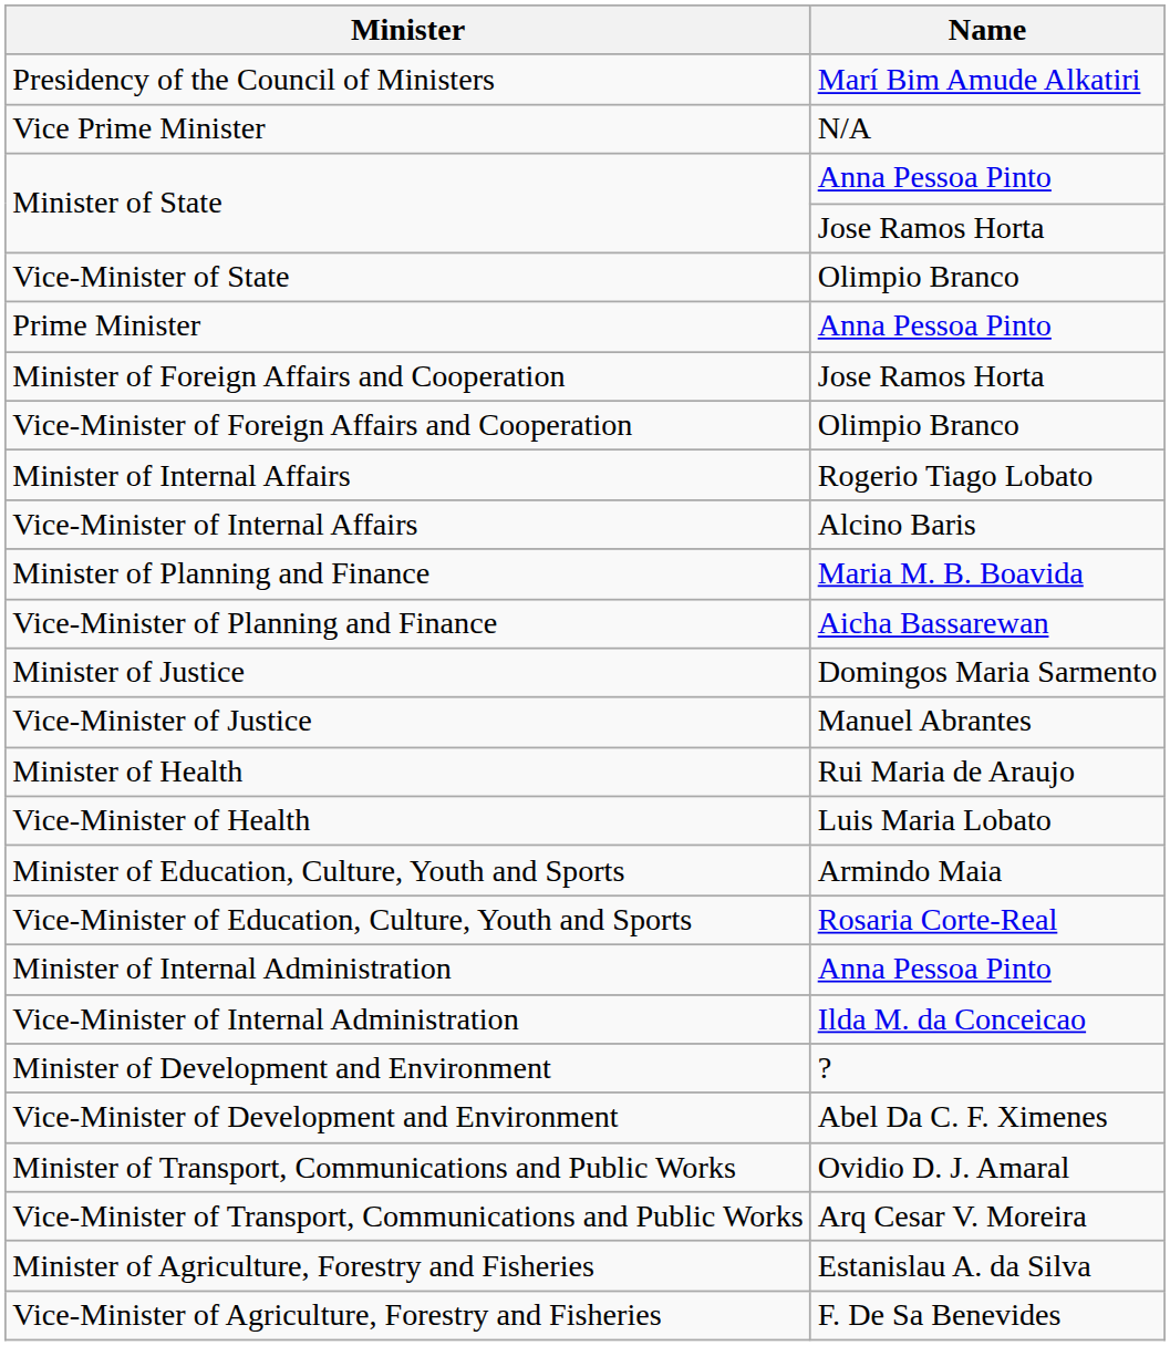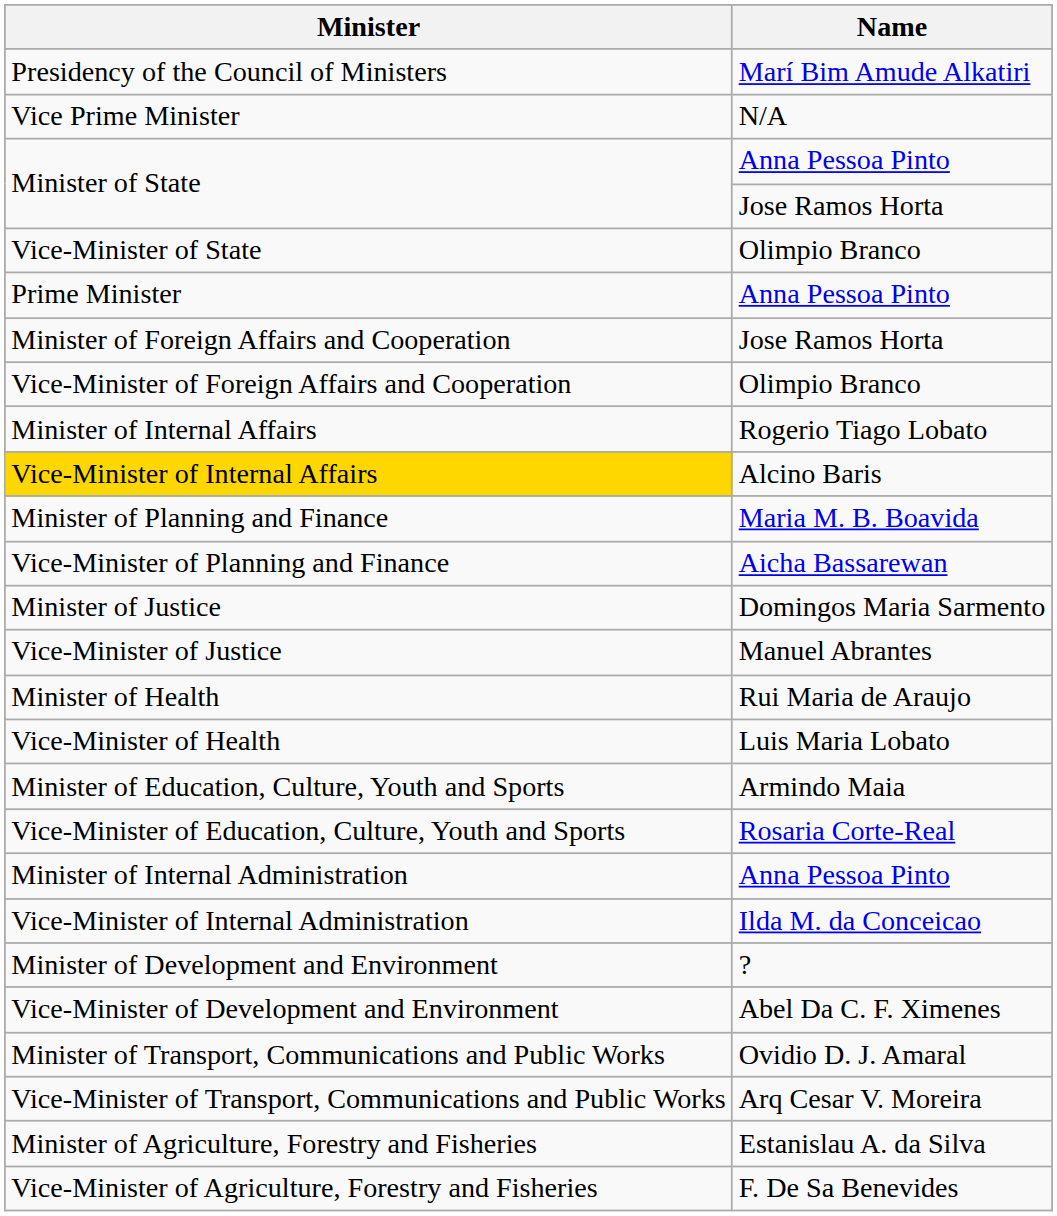 <table class="wikitable sortable">
 <tr>
 <th>Minister</th>
 <th>Name</th>
 </tr>
 <tr>
 <td>Presidency of the Council of Ministers</td>
 <td><a href='#'>Marí Bim Amude Alkatiri</a></td>
 </tr>
 <tr>
 <td>Vice Prime Minister</td>
 <td>N/A</td>
 </tr>
 <tr>
 <td rowspan=2>Minister of State</td>
 <td><a href='#'>Anna Pessoa Pinto</a></td>
 </tr>
 <tr>
 <td>Jose Ramos Horta</td>
 </tr>
 <tr>
 <td>Vice-Minister of State</td>
 <td>Olimpio Branco</td>
 </tr>
 <tr>
 <td>Prime Minister</td>
 <td><a href='#'>Anna Pessoa Pinto</a></td>
 </tr>
 <tr>
 <td>Minister of Foreign Affairs and Cooperation</td>
 <td>Jose Ramos Horta</td>
 </tr>
 <tr>
 <td>Vice-Minister of Foreign Affairs and Cooperation</td>
 <td>Olimpio Branco</td>
 </tr>
 <tr>
 <td>Minister of Internal Affairs</td>
 <td>Rogerio Tiago Lobato</td>
 </tr>
 <tr>
-<td>Vice-Minister of Internal Affairs</td>
+<td style="background: gold;">Vice-Minister of Internal Affairs</td>
 <td>Alcino Baris</td>
 </tr>
 <tr>
 <td>Minister of Planning and Finance</td>
 <td><a href='#'>Maria M. B. Boavida</a></td>
 </tr>
 <tr>
 <td>Vice-Minister of Planning and Finance</td>
 <td><a href='#'>Aicha Bassarewan</a></td>
 </tr>
 <tr>
 <td>Minister of Justice</td>
 <td>Domingos Maria Sarmento</td>
 </tr>
 <tr>
 <td>Vice-Minister of Justice</td>
 <td>Manuel Abrantes</td>
 </tr>
 <tr>
 <td>Minister of Health</td>
 <td>Rui Maria de Araujo</td>
 </tr>
 <tr>
 <td>Vice-Minister of Health</td>
 <td>Luis Maria Lobato</td>
 </tr>
 <tr>
 <td>Minister of Education, Culture, Youth and Sports</td>
 <td>Armindo Maia</td>
 </tr>
 <tr>
 <td>Vice-Minister of Education, Culture, Youth and Sports</td>
 <td><a href='#'>Rosaria Corte-Real</a></td>
 </tr>
 <tr>
 <td>Minister of Internal Administration</td>
 <td><a href='#'>Anna Pessoa Pinto</a></td>
 </tr>
 <tr>
 <td>Vice-Minister of Internal Administration</td>
 <td><a href='#'>Ilda M. da Conceicao</a></td>
 </tr>
 <tr>
 <td>Minister of Development and Environment</td>
 <td>?</td>
 </tr>
 <tr>
 <td>Vice-Minister of Development and Environment</td>
 <td>Abel Da C. F. Ximenes</td>
 </tr>
 <tr>
 <td>Minister of Transport, Communications and Public Works</td>
 <td>Ovidio D. J. Amaral</td>
 </tr>
 <tr>
 <td>Vice-Minister of Transport, Communications and Public Works</td>
 <td>Arq Cesar V. Moreira</td>
 </tr>
 <tr>
 <td>Minister of Agriculture, Forestry and Fisheries</td>
 <td>Estanislau A. da Silva</td>
 </tr>
 <tr>
 <td>Vice-Minister of Agriculture, Forestry and Fisheries</td>
 <td>F. De Sa Benevides</td>
 </tr>
 </table>
